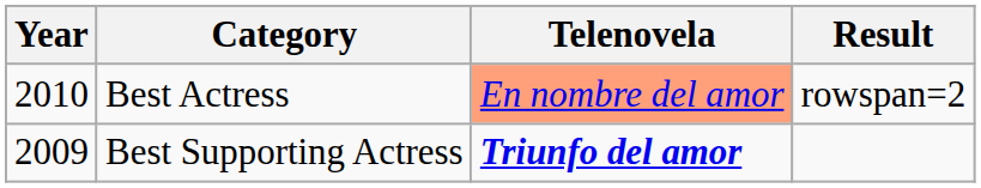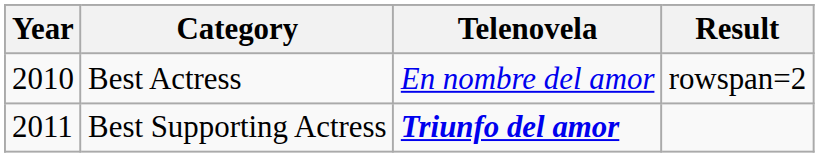 <table class="wikitable">
 <tr>
 <th>Year</th>
 <th>Category</th>
 <th>Telenovela</th>
 <th>Result</th>
 </tr>
 <tr>
 <td>2010</td>
 <td>Best Actress</td>
-<td style="background: lightsalmon;"><em><a href='#'>En nombre del amor</a></em></td>
+<td><em><a href='#'>En nombre del amor</a></em></td>
 <td>rowspan=2 </td>
 </tr>
 <tr>
-<td>2009</td>
+<td>2011</td>
 <td>Best Supporting Actress</td>
 <td><strong><em><a href='#'>Triunfo del amor</a></em></strong></td>
 </tr>
 </table>
